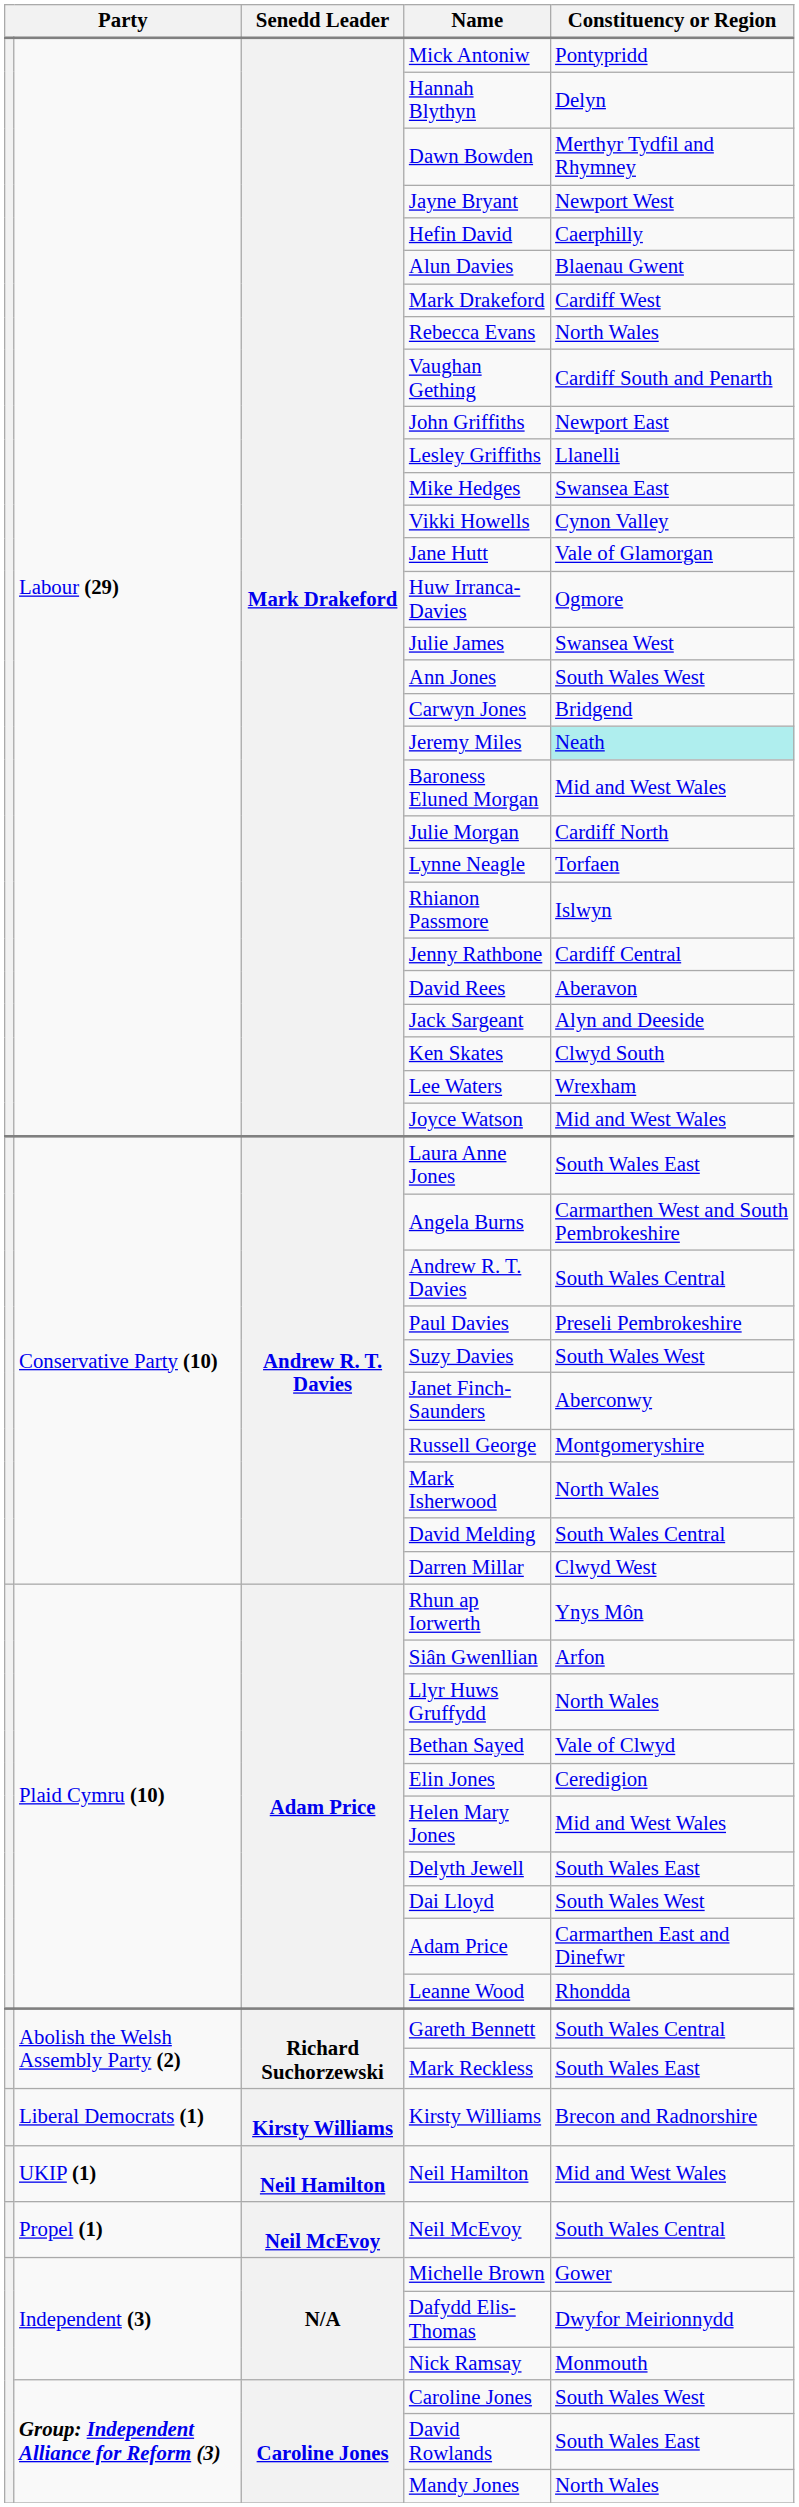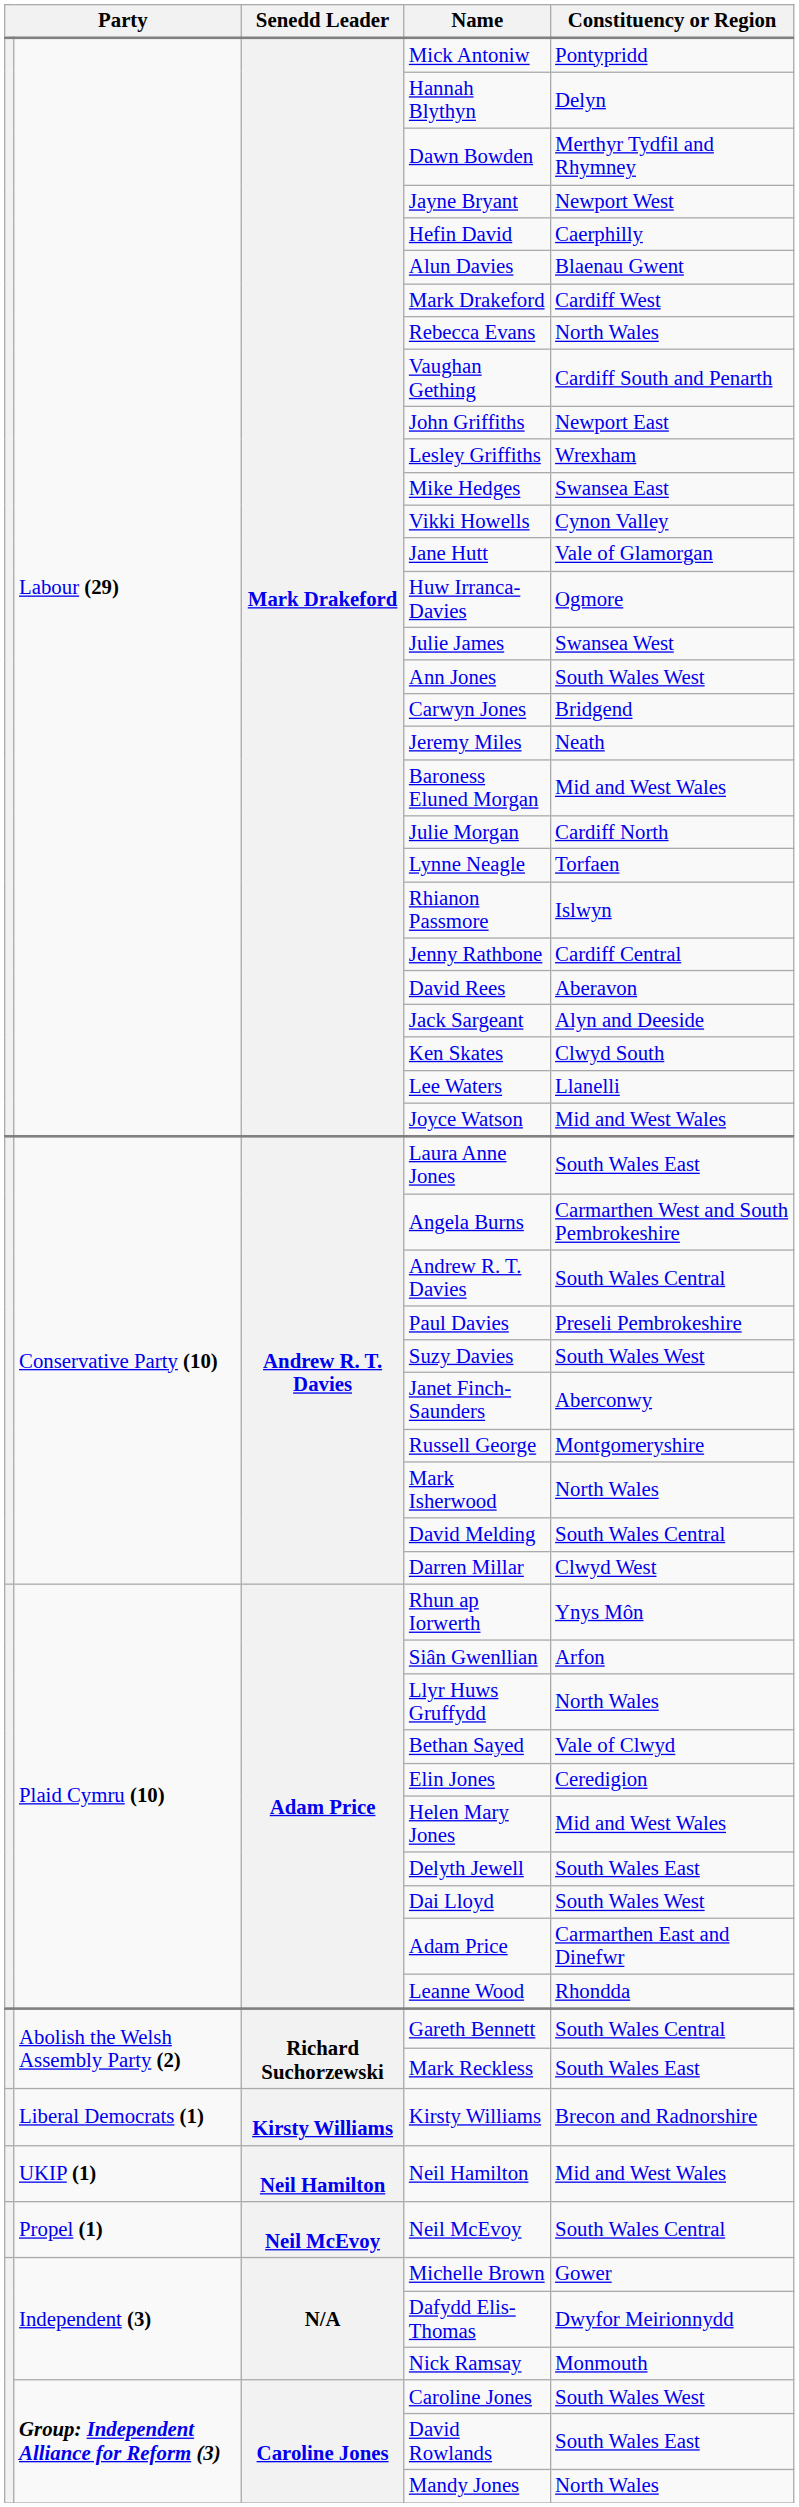 <table class="wikitable">
 <tr style="border-bottom: 2px solid gray;">
 <th colspan="2">Party</th>
 <th>Senedd Leader</th>
 <th>Name</th>
 <th>Constituency or Region</th>
 </tr>
 <tr>
 <th rowspan="29" style="background-color: "></th>
 <td rowspan="29"><a href='#'>Labour</a> <strong>(29)</strong></td>
 <th rowspan="29"><br><a href='#'>Mark Drakeford</a></th>
 <td><a href='#'>Mick Antoniw</a></td>
 <td><a href='#'>Pontypridd</a></td>
 </tr>
 <tr>
 <td><a href='#'>Hannah Blythyn</a></td>
 <td><a href='#'>Delyn</a></td>
 </tr>
 <tr>
 <td><a href='#'>Dawn Bowden</a></td>
 <td><a href='#'>Merthyr Tydfil and Rhymney</a></td>
 </tr>
 <tr>
 <td><a href='#'>Jayne Bryant</a></td>
 <td><a href='#'>Newport West</a></td>
 </tr>
 <tr>
 <td><a href='#'>Hefin David</a></td>
 <td><a href='#'>Caerphilly</a></td>
 </tr>
 <tr>
 <td><a href='#'>Alun Davies</a></td>
 <td><a href='#'>Blaenau Gwent</a></td>
 </tr>
 <tr>
 <td><a href='#'>Mark Drakeford</a></td>
 <td><a href='#'>Cardiff West</a></td>
 </tr>
 <tr>
 <td><a href='#'>Rebecca Evans</a></td>
 <td><a href='#'>North Wales</a></td>
 </tr>
 <tr>
 <td><a href='#'>Vaughan Gething</a></td>
 <td><a href='#'>Cardiff South and Penarth</a></td>
 </tr>
 <tr>
 <td><a href='#'>John Griffiths</a></td>
 <td><a href='#'>Newport East</a></td>
 </tr>
 <tr>
 <td><a href='#'>Lesley Griffiths</a></td>
-<td><a href='#'>Llanelli</a></td>
+<td><a href='#'>Wrexham</a></td>
 </tr>
 <tr>
 <td><a href='#'>Mike Hedges</a></td>
 <td><a href='#'>Swansea East</a></td>
 </tr>
 <tr>
 <td><a href='#'>Vikki Howells</a></td>
 <td><a href='#'>Cynon Valley</a></td>
 </tr>
 <tr>
 <td><a href='#'>Jane Hutt</a></td>
 <td><a href='#'>Vale of Glamorgan</a></td>
 </tr>
 <tr>
 <td><a href='#'>Huw Irranca-Davies</a></td>
 <td><a href='#'>Ogmore</a></td>
 </tr>
 <tr>
 <td><a href='#'>Julie James</a></td>
 <td><a href='#'>Swansea West</a></td>
 </tr>
 <tr>
 <td><a href='#'>Ann Jones</a></td>
 <td><a href='#'>South Wales West</a></td>
 </tr>
 <tr>
 <td><a href='#'>Carwyn Jones</a></td>
 <td><a href='#'>Bridgend</a></td>
 </tr>
 <tr>
 <td><a href='#'>Jeremy Miles</a></td>
-<td style="background: paleturquoise;"><a href='#'>Neath</a></td>
+<td><a href='#'>Neath</a></td>
 </tr>
 <tr>
 <td><a href='#'>Baroness Eluned Morgan</a></td>
 <td><a href='#'>Mid and West Wales</a></td>
 </tr>
 <tr>
 <td><a href='#'>Julie Morgan</a></td>
 <td><a href='#'>Cardiff North</a></td>
 </tr>
 <tr>
 <td><a href='#'>Lynne Neagle</a></td>
 <td><a href='#'>Torfaen</a></td>
 </tr>
 <tr>
 <td><a href='#'>Rhianon Passmore</a></td>
 <td><a href='#'>Islwyn</a></td>
 </tr>
 <tr>
 <td><a href='#'>Jenny Rathbone</a></td>
 <td><a href='#'>Cardiff Central</a></td>
 </tr>
 <tr>
 <td><a href='#'>David Rees</a></td>
 <td><a href='#'>Aberavon</a></td>
 </tr>
 <tr>
 <td><a href='#'>Jack Sargeant</a></td>
 <td><a href='#'>Alyn and Deeside</a></td>
 </tr>
 <tr>
 <td><a href='#'>Ken Skates</a></td>
 <td><a href='#'>Clwyd South</a></td>
 </tr>
 <tr>
 <td><a href='#'>Lee Waters</a></td>
-<td><a href='#'>Wrexham</a></td>
+<td><a href='#'>Llanelli</a></td>
 </tr>
 <tr style="border-bottom: 2px solid gray;">
 <td><a href='#'>Joyce Watson</a></td>
 <td><a href='#'>Mid and West Wales</a></td>
 </tr>
 <tr>
 <th rowspan="10" style="background-color: "></th>
 <td rowspan="10"><a href='#'>Conservative Party</a> <strong>(10)</strong></td>
 <th rowspan="10"><br><a href='#'>Andrew R. T. Davies</a></th>
 <td><a href='#'>Laura Anne Jones</a></td>
 <td><a href='#'>South Wales East</a></td>
 </tr>
 <tr>
 <td><a href='#'>Angela Burns</a></td>
 <td><a href='#'>Carmarthen West and South Pembrokeshire</a></td>
 </tr>
 <tr>
 <td><a href='#'>Andrew R. T. Davies</a></td>
 <td><a href='#'>South Wales Central</a></td>
 </tr>
 <tr>
 <td><a href='#'>Paul Davies</a></td>
 <td><a href='#'>Preseli Pembrokeshire</a></td>
 </tr>
 <tr>
 <td><a href='#'>Suzy Davies</a></td>
 <td><a href='#'>South Wales West</a></td>
 </tr>
 <tr>
 <td><a href='#'>Janet Finch-Saunders</a></td>
 <td><a href='#'>Aberconwy</a></td>
 </tr>
 <tr>
 <td><a href='#'>Russell George</a></td>
 <td><a href='#'>Montgomeryshire</a></td>
 </tr>
 <tr>
 <td><a href='#'>Mark Isherwood</a></td>
 <td><a href='#'>North Wales</a></td>
 </tr>
 <tr>
 <td><a href='#'>David Melding</a></td>
 <td><a href='#'>South Wales Central</a></td>
 </tr>
 <tr>
 <td><a href='#'>Darren Millar</a></td>
 <td><a href='#'>Clwyd West</a></td>
 </tr>
 <tr>
 <th rowspan="10" style="background-color: "></th>
 <td rowspan="10"><a href='#'>Plaid Cymru</a> <strong>(10)</strong></td>
 <th rowspan="10"><br><a href='#'>Adam Price</a></th>
 <td><a href='#'>Rhun ap Iorwerth</a></td>
 <td><a href='#'>Ynys Môn</a></td>
 </tr>
 <tr>
 <td><a href='#'>Siân Gwenllian</a></td>
 <td><a href='#'>Arfon</a></td>
 </tr>
 <tr>
 <td><a href='#'>Llyr Huws Gruffydd</a></td>
 <td><a href='#'>North Wales</a></td>
 </tr>
 <tr>
 <td><a href='#'>Bethan Sayed</a></td>
 <td><a href='#'>Vale of Clwyd</a></td>
 </tr>
 <tr>
 <td><a href='#'>Elin Jones</a></td>
 <td><a href='#'>Ceredigion</a></td>
 </tr>
 <tr>
 <td><a href='#'>Helen Mary Jones</a></td>
 <td><a href='#'>Mid and West Wales</a></td>
 </tr>
 <tr>
 <td><a href='#'>Delyth Jewell</a></td>
 <td><a href='#'>South Wales East</a></td>
 </tr>
 <tr>
 <td><a href='#'>Dai Lloyd</a></td>
 <td><a href='#'>South Wales West</a></td>
 </tr>
 <tr>
 <td><a href='#'>Adam Price</a></td>
 <td><a href='#'>Carmarthen East and Dinefwr</a></td>
 </tr>
 <tr style="border-bottom: 2px solid gray;">
 <td><a href='#'>Leanne Wood</a></td>
 <td><a href='#'>Rhondda</a></td>
 </tr>
 <tr>
 <th rowspan="2" style="background-color: "></th>
 <td rowspan="2"><a href='#'>Abolish the Welsh Assembly Party</a> <strong>(2)</strong></td>
 <th rowspan="2"><br>Richard Suchorzewski</th>
 <td><a href='#'>Gareth Bennett</a></td>
 <td><a href='#'>South Wales Central</a></td>
 </tr>
 <tr>
 <td><a href='#'>Mark Reckless</a></td>
 <td><a href='#'>South Wales East</a></td>
 </tr>
 <tr>
 <th rowspan="1" style="background-color: "></th>
 <td rowspan="1"><a href='#'>Liberal Democrats</a> <strong>(1)</strong></td>
 <th><br><a href='#'>Kirsty Williams</a></th>
 <td><a href='#'>Kirsty Williams</a></td>
 <td><a href='#'>Brecon and Radnorshire</a></td>
 </tr>
 <tr>
 <th rowspan="1" style="background-color: "></th>
 <td><a href='#'>UKIP</a> <strong>(1)</strong></td>
 <th><br><a href='#'>Neil Hamilton</a></th>
 <td><a href='#'>Neil Hamilton</a></td>
 <td><a href='#'>Mid and West Wales</a></td>
 </tr>
 <tr>
 <th rowspan="1" style="background-color: "></th>
 <td><a href='#'>Propel</a> <strong>(1)</strong></td>
 <th><br><a href='#'>Neil McEvoy</a></th>
 <td><a href='#'>Neil McEvoy</a></td>
 <td><a href='#'>South Wales Central</a></td>
 </tr>
 <tr>
 <th rowspan="6" style="background-color: "></th>
 <td rowspan="3"><a href='#'>Independent</a> <strong>(3)</strong></td>
 <th rowspan="3">N/A</th>
 <td><a href='#'>Michelle Brown</a></td>
 <td><a href='#'>Gower</a></td>
 </tr>
 <tr>
 <td><a href='#'>Dafydd Elis-Thomas</a></td>
 <td><a href='#'>Dwyfor Meirionnydd</a></td>
 </tr>
 <tr>
 <td><a href='#'>Nick Ramsay</a></td>
 <td><a href='#'>Monmouth</a></td>
 </tr>
 <tr>
 <td rowspan="3"><strong><em>Group:<strong> <a href='#'>Independent Alliance for Reform</a> </strong>(3)</em></strong></td>
 <th rowspan="3"><br><a href='#'>Caroline Jones</a></th>
 <td><a href='#'>Caroline Jones</a></td>
 <td><a href='#'>South Wales West</a></td>
 </tr>
 <tr>
 <td><a href='#'>David Rowlands</a></td>
 <td><a href='#'>South Wales East</a></td>
 </tr>
 <tr>
 <td><a href='#'>Mandy Jones</a></td>
 <td><a href='#'>North Wales</a></td>
 </tr>
 <tr>
 </tr>
 </table>
